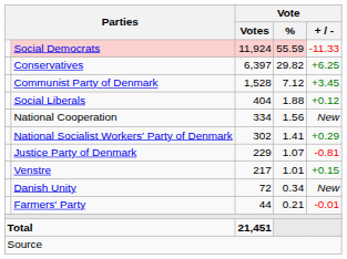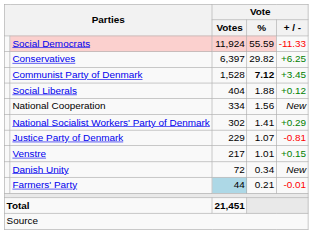 <table class="wikitable" style="text-align:right;">
 <tr>
 <th style="text-align:centre;" rowspan="2" colspan="2" width="225">Parties</th>
 <th colspan="3">Vote</th>
 </tr>
 <tr>
 <th width="15">Votes</th>
 <th width="15">%</th>
 <th width="15">+ / -</th>
 </tr>
 <tr>
 <td width="2" style="color:inherit;background:"></td>
 <td bgcolor=#fbd0ce  align="left"><a href='#'>Social Democrats</a></td>
 <td bgcolor=#fbd0ce>11,924</td>
 <td bgcolor=#fbd0ce>55.59</td>
 <td style=color:red;>-11.33</td>
 </tr>
 <tr>
 <td width="2" style="color:inherit;background:"></td>
 <td align="left"><a href='#'>Conservatives</a></td>
 <td>6,397</td>
 <td>29.82</td>
 <td style=color:green;>+6.25</td>
 </tr>
 <tr>
 <td width="2" style="color:inherit;background:"></td>
 <td align="left"><a href='#'>Communist Party of Denmark</a></td>
 <td>1,528</td>
-<td>7.12</td>
+<td><strong>7.12</strong></td>
 <td style=color:green;>+3.45</td>
 </tr>
 <tr>
 <td width="2" style="color:inherit;background:"></td>
 <td align="left"><a href='#'>Social Liberals</a></td>
 <td>404</td>
 <td>1.88</td>
 <td style=color:green;>+0.12</td>
 </tr>
 <tr>
 <td width="2" style="color:inherit;background:"></td>
 <td align="left">National Cooperation</td>
 <td>334</td>
 <td>1.56</td>
 <td><em>New</em></td>
 </tr>
 <tr>
 <td width="2" style="color:inherit;background:"></td>
 <td align="left"><a href='#'>National Socialist Workers' Party of Denmark</a></td>
 <td>302</td>
 <td>1.41</td>
 <td style=color:green;>+0.29</td>
 </tr>
 <tr>
 <td width="2" style="color:inherit;background:"></td>
 <td align="left"><a href='#'>Justice Party of Denmark</a></td>
 <td>229</td>
 <td>1.07</td>
 <td style=color:red;>-0.81</td>
 </tr>
 <tr>
 <td width="2" style="color:inherit;background:"></td>
 <td align="left"><a href='#'>Venstre</a></td>
 <td>217</td>
 <td>1.01</td>
 <td style=color:green;>+0.15</td>
 </tr>
 <tr>
 <td width="2" style="color:inherit;background:"></td>
 <td align="left"><a href='#'>Danish Unity</a></td>
 <td>72</td>
 <td>0.34</td>
 <td><em>New</em></td>
 </tr>
 <tr>
 <td width="2" style="color:inherit;background:"></td>
 <td align="left"><a href='#'>Farmers' Party</a></td>
-<td>44</td>
+<td style="background: lightblue;">44</td>
 <td>0.21</td>
 <td style=color:red;>-0.01</td>
 </tr>
 <tr>
 <td colspan="7" bgcolor="#E9E9E9"></td>
 </tr>
 <tr>
 <td align="left" colspan="2"><strong>Total</strong></td>
 <td><strong>21,451</strong></td>
 <td bgcolor="#E9E9E9" colspan="2"></td>
 </tr>
 <tr>
 <td align="left" colspan="6">Source</td>
 </tr>
 </table>
